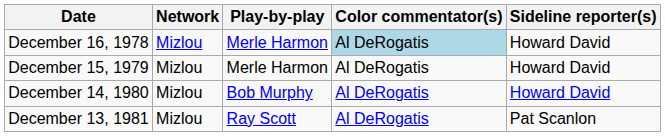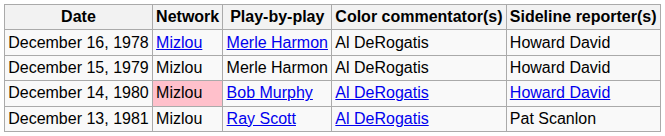 <table class="wikitable">
 <tr>
 <th>Date</th>
 <th>Network</th>
 <th>Play-by-play</th>
 <th>Color commentator(s)</th>
 <th>Sideline reporter(s)</th>
 </tr>
 <tr>
 <td>December 16, 1978</td>
 <td><a href='#'>Mizlou</a></td>
 <td><a href='#'>Merle Harmon</a></td>
-<td style="background: lightblue;">Al DeRogatis</td>
+<td>Al DeRogatis</td>
 <td>Howard David</td>
 </tr>
 <tr>
 <td>December 15, 1979</td>
 <td>Mizlou</td>
 <td>Merle Harmon</td>
 <td>Al DeRogatis</td>
 <td>Howard David</td>
 </tr>
 <tr>
 <td>December 14, 1980</td>
-<td>Mizlou</td>
+<td style="background: pink;">Mizlou</td>
 <td><a href='#'>Bob Murphy</a></td>
 <td><a href='#'>Al DeRogatis</a></td>
 <td><a href='#'>Howard David</a></td>
 </tr>
 <tr>
 <td>December 13, 1981</td>
 <td>Mizlou</td>
 <td><a href='#'>Ray Scott</a></td>
 <td><a href='#'>Al DeRogatis</a></td>
 <td>Pat Scanlon</td>
 </tr>
 <tr>
 </tr>
 </table>
